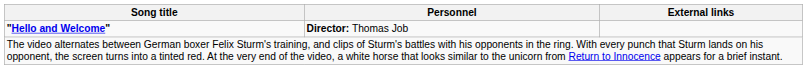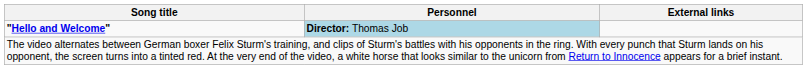 <table class="wikitable">
 <tr>
 <th>Song title</th>
 <th>Personnel</th>
 <th>External links</th>
 </tr>
 <tr>
 <td><strong>"<a href='#'>Hello and Welcome</a>"</strong></td>
-<td><strong>Director:</strong> Thomas Job</td>
+<td style="background: lightblue;"><strong>Director:</strong> Thomas Job</td>
 <td></td>
 </tr>
 <tr>
 <td colspan="6">The video alternates between German boxer Felix Sturm's training, and clips of Sturm's battles with his opponents in the ring. With every punch that Sturm lands on his opponent, the screen turns into a tinted red. At the very end of the video, a white horse that looks similar to the unicorn from <a href='#'>Return to Innocence</a> appears for a brief instant.</td>
 </tr>
 </table>
